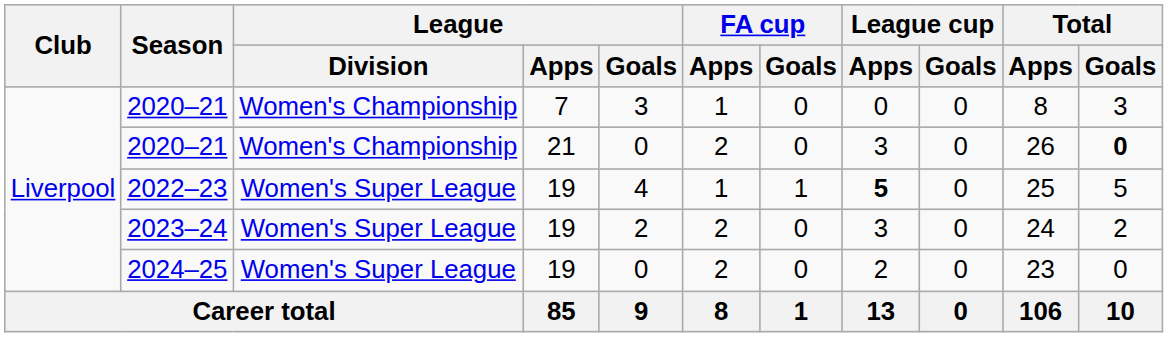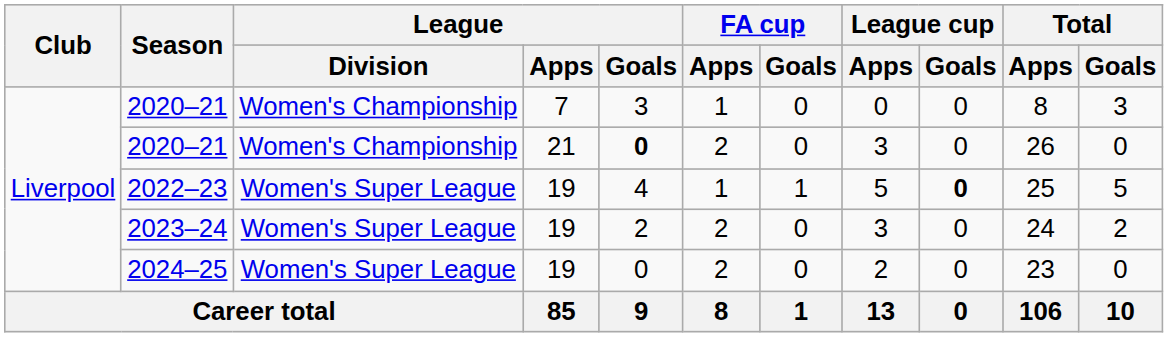 <table class="wikitable" style="text-align:center">
 <tr>
 <th rowspan="2">Club</th>
 <th rowspan="2">Season</th>
 <th colspan="3">League</th>
 <th colspan="2"><a href='#'>FA cup</a></th>
 <th colspan="2">League cup</th>
 <th colspan="2">Total</th>
 </tr>
 <tr>
 <th>Division</th>
 <th>Apps</th>
 <th>Goals</th>
 <th>Apps</th>
 <th>Goals</th>
 <th>Apps</th>
 <th>Goals</th>
 <th>Apps</th>
 <th>Goals</th>
 </tr>
 <tr>
 <td rowspan="5"><a href='#'>Liverpool</a></td>
 <td><a href='#'>2020–21</a></td>
 <td><a href='#'>Women's Championship</a></td>
 <td>7</td>
 <td>3</td>
 <td>1</td>
 <td>0</td>
 <td>0</td>
 <td>0</td>
 <td>8</td>
 <td>3</td>
 </tr>
 <tr>
 <td><a href='#'>2020–21</a></td>
 <td><a href='#'>Women's Championship</a></td>
 <td>21</td>
-<td>0</td>
+<td><strong>0</strong></td>
 <td>2</td>
 <td>0</td>
 <td>3</td>
 <td>0</td>
 <td>26</td>
-<td><strong>0</strong></td>
+<td>0</td>
 </tr>
 <tr>
 <td><a href='#'>2022–23</a></td>
 <td><a href='#'>Women's Super League</a></td>
 <td>19</td>
 <td>4</td>
 <td>1</td>
 <td>1</td>
-<td><strong>5</strong></td>
-<td>0</td>
+<td>5</td>
+<td><strong>0</strong></td>
 <td>25</td>
 <td>5</td>
 </tr>
 <tr>
 <td><a href='#'>2023–24</a></td>
 <td><a href='#'>Women's Super League</a></td>
 <td>19</td>
 <td>2</td>
 <td>2</td>
 <td>0</td>
 <td>3</td>
 <td>0</td>
 <td>24</td>
 <td>2</td>
 </tr>
 <tr>
 <td><a href='#'>2024–25</a></td>
 <td><a href='#'>Women's Super League</a></td>
 <td>19</td>
 <td>0</td>
 <td>2</td>
 <td>0</td>
 <td>2</td>
 <td>0</td>
 <td>23</td>
 <td>0</td>
 </tr>
 <tr>
 <th colspan="3">Career total</th>
 <th>85</th>
 <th>9</th>
 <th>8</th>
 <th>1</th>
 <th>13</th>
 <th>0</th>
 <th>106</th>
 <th>10</th>
 </tr>
 </table>
